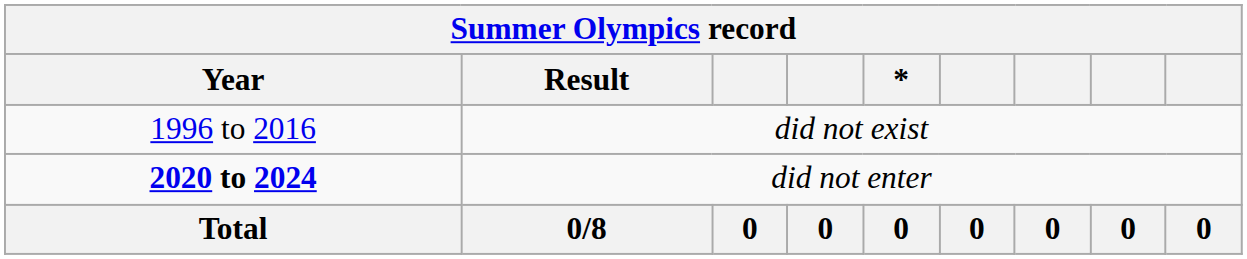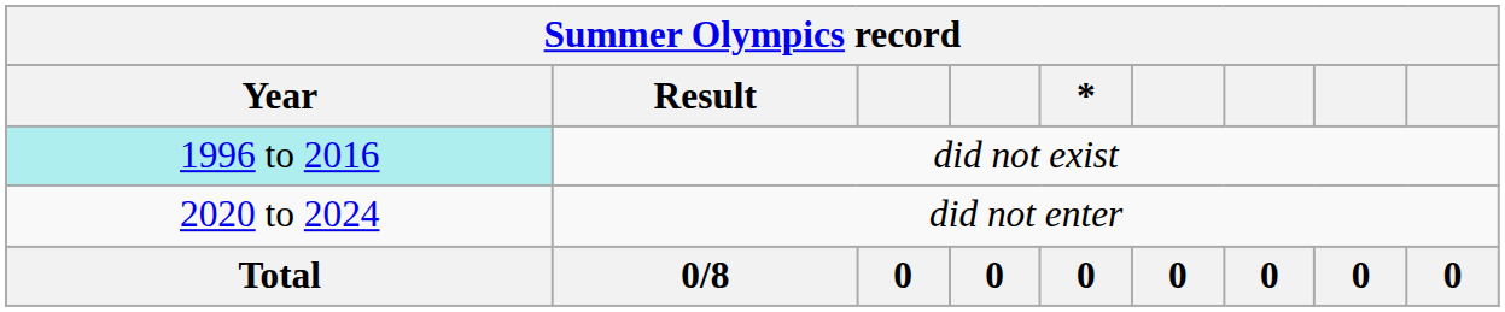 <table class="wikitable" style="text-align: center; width:50%;">
 <tr>
 <th colspan=10><a href='#'>Summer Olympics</a> record</th>
 </tr>
 <tr>
 <th>Year</th>
 <th>Result</th>
 <th></th>
 <th></th>
 <th>*</th>
 <th></th>
 <th></th>
 <th></th>
 <th></th>
 </tr>
 <tr>
-<td> <a href='#'>1996</a> to  <a href='#'>2016</a></td>
+<td style="background: paleturquoise;"> <a href='#'>1996</a> to  <a href='#'>2016</a></td>
 <td colspan=8><em>did not exist</em></td>
 </tr>
 <tr>
-<td><strong> <a href='#'>2020</a> to  <a href='#'>2024</a></strong></td>
+<td> <a href='#'>2020</a> to  <a href='#'>2024</a></td>
 <td colspan=8><em>did not enter</em></td>
 </tr>
 <tr>
 <th>Total</th>
 <th>0/8</th>
 <th>0</th>
 <th>0</th>
 <th>0</th>
 <th>0</th>
 <th>0</th>
 <th>0</th>
 <th>0</th>
 </tr>
 </table>
